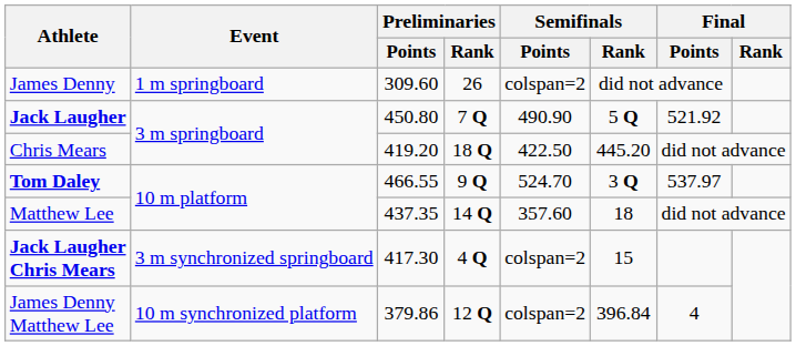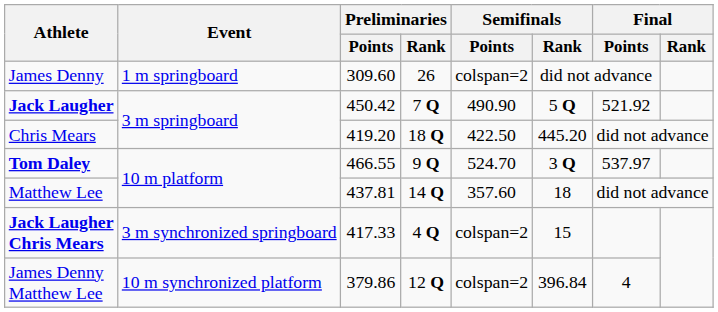 <table class=wikitable style="font-size:90%;">
 <tr>
 <th rowspan="2">Athlete</th>
 <th rowspan="2">Event</th>
 <th colspan="2">Preliminaries</th>
 <th colspan="2">Semifinals</th>
 <th colspan="2">Final</th>
 </tr>
 <tr style="font-size:95%">
 <th>Points</th>
 <th>Rank</th>
 <th>Points</th>
 <th>Rank</th>
 <th>Points</th>
 <th>Rank</th>
 </tr>
 <tr align=center>
 <td align=left><a href='#'>James Denny</a></td>
 <td align=left><a href='#'>1 m springboard</a></td>
 <td>309.60</td>
 <td>26</td>
 <td>colspan=2 </td>
 <td colspan=2>did not advance</td>
 </tr>
 <tr align=center>
 <td align=left><strong><a href='#'>Jack Laugher</a></strong></td>
 <td align=left rowspan=2><a href='#'>3 m springboard</a></td>
-<td>450.80</td>
+<td>450.42</td>
 <td>7 <strong>Q</strong></td>
 <td>490.90</td>
 <td>5 <strong>Q</strong></td>
 <td>521.92</td>
 <td></td>
 </tr>
 <tr align=center>
 <td align=left><a href='#'>Chris Mears</a></td>
 <td>419.20</td>
 <td>18 <strong>Q</strong></td>
 <td>422.50</td>
 <td>445.20</td>
 <td colspan=2>did not advance</td>
 </tr>
 <tr align=center>
 <td align=left><strong><a href='#'>Tom Daley</a></strong></td>
 <td align=left rowspan=2><a href='#'>10 m platform</a></td>
 <td>466.55</td>
 <td>9 <strong>Q</strong></td>
 <td>524.70</td>
 <td>3 <strong>Q</strong></td>
 <td>537.97</td>
 <td></td>
 </tr>
 <tr align=center>
 <td align=left><a href='#'>Matthew Lee</a></td>
-<td>437.35</td>
+<td>437.81</td>
 <td>14 <strong>Q</strong></td>
 <td>357.60</td>
 <td>18</td>
 <td colspan=2>did not advance</td>
 </tr>
 <tr align=center>
 <td align=left><strong><a href='#'>Jack Laugher</a><br><a href='#'>Chris Mears</a></strong></td>
 <td align=left><a href='#'>3 m synchronized springboard</a></td>
-<td>417.30</td>
+<td>417.33</td>
 <td>4 <strong>Q</strong></td>
 <td>colspan=2 </td>
 <td>15</td>
 <td></td>
 </tr>
 <tr align=center>
 <td align=left><a href='#'>James Denny</a><br><a href='#'>Matthew Lee</a></td>
 <td align=left><a href='#'>10 m synchronized platform</a></td>
 <td>379.86</td>
 <td>12 <strong>Q</strong></td>
 <td>colspan=2 </td>
 <td>396.84</td>
 <td>4</td>
 </tr>
 </table>
